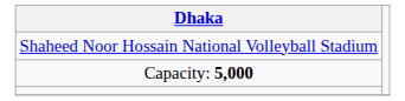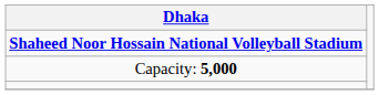 <table class="wikitable" style="text-align:center; margin:0.2em auto;">
 <tr>
 <th><a href='#'>Dhaka</a></th>
 <td rowspan="4"></td>
 </tr>
 <tr>
-<td><a href='#'>Shaheed Noor Hossain National Volleyball Stadium</a></td>
+<td><strong><a href='#'>Shaheed Noor Hossain National Volleyball Stadium</a></strong></td>
 </tr>
 <tr>
 <td>Capacity: <strong>5,000</strong></td>
 </tr>
 <tr>
 <td></td>
 </tr>
 <tr>
 </tr>
 </table>
